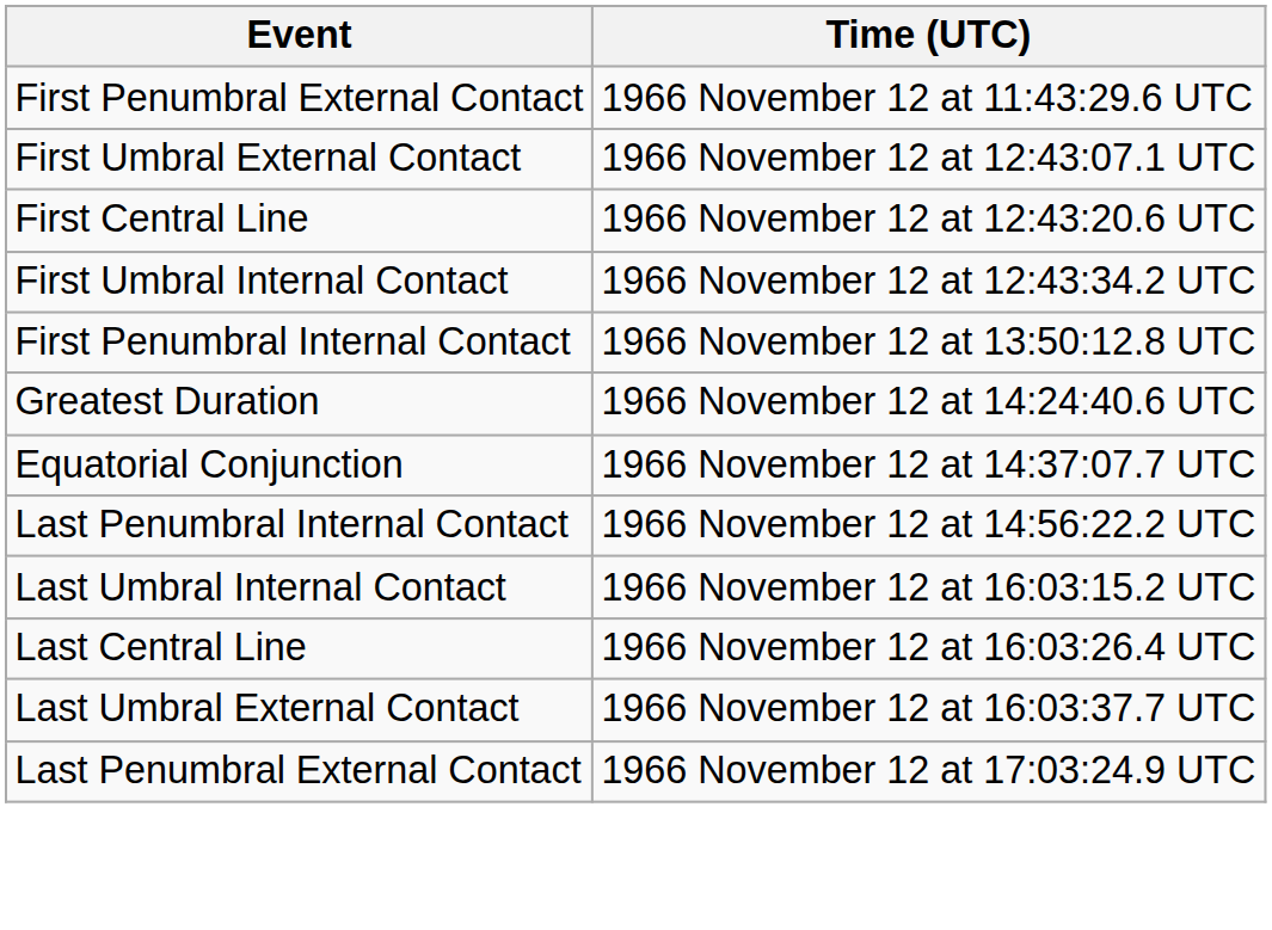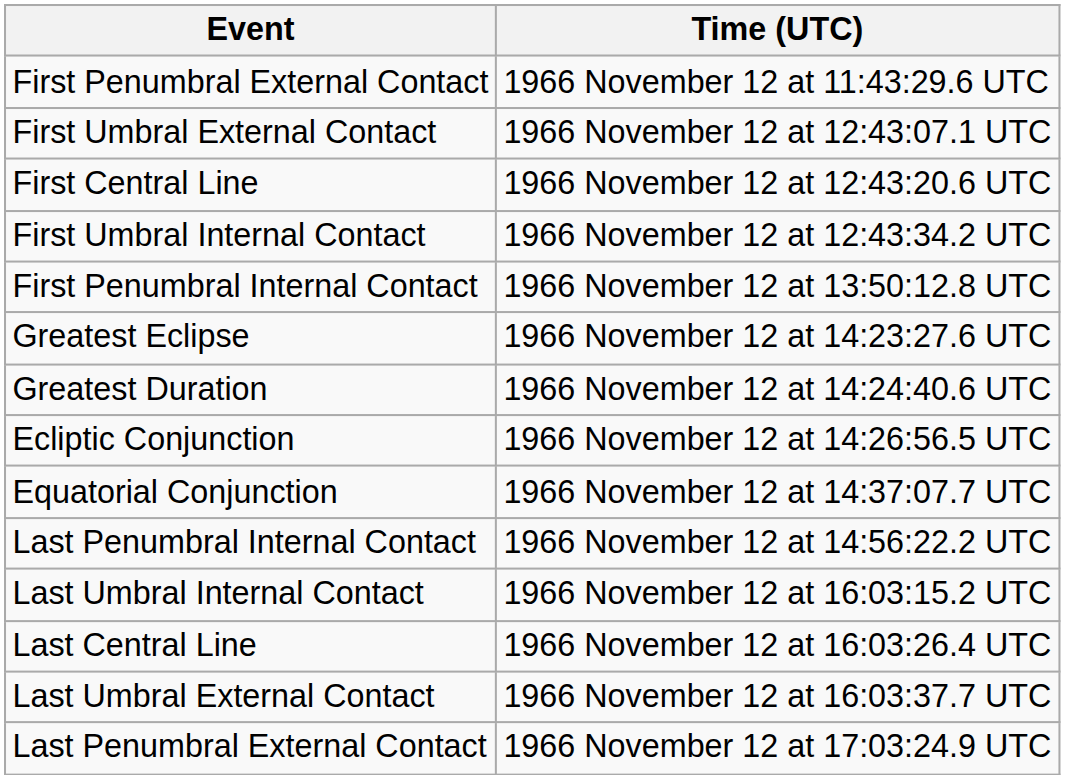 <table class="wikitable">
 <tr>
 <th>Event</th>
 <th>Time (UTC)</th>
 </tr>
 <tr>
 <td>First Penumbral External Contact</td>
 <td>1966 November 12 at 11:43:29.6 UTC</td>
 </tr>
 <tr>
 <td>First Umbral External Contact</td>
 <td>1966 November 12 at 12:43:07.1 UTC</td>
 </tr>
 <tr>
 <td>First Central Line</td>
 <td>1966 November 12 at 12:43:20.6 UTC</td>
 </tr>
 <tr>
 <td>First Umbral Internal Contact</td>
 <td>1966 November 12 at 12:43:34.2 UTC</td>
 </tr>
 <tr>
 <td>First Penumbral Internal Contact</td>
 <td>1966 November 12 at 13:50:12.8 UTC</td>
 </tr>
 <tr>
+<td>Greatest Eclipse</td>
+<td>1966 November 12 at 14:23:27.6 UTC</td>
+</tr>
+<tr>
 <td>Greatest Duration</td>
 <td>1966 November 12 at 14:24:40.6 UTC</td>
+</tr>
+<tr>
+<td>Ecliptic Conjunction</td>
+<td>1966 November 12 at 14:26:56.5 UTC</td>
 </tr>
 <tr>
 <td>Equatorial Conjunction</td>
 <td>1966 November 12 at 14:37:07.7 UTC</td>
 </tr>
 <tr>
 <td>Last Penumbral Internal Contact</td>
 <td>1966 November 12 at 14:56:22.2 UTC</td>
 </tr>
 <tr>
 <td>Last Umbral Internal Contact</td>
 <td>1966 November 12 at 16:03:15.2 UTC</td>
 </tr>
 <tr>
 <td>Last Central Line</td>
 <td>1966 November 12 at 16:03:26.4 UTC</td>
 </tr>
 <tr>
 <td>Last Umbral External Contact</td>
 <td>1966 November 12 at 16:03:37.7 UTC</td>
 </tr>
 <tr>
 <td>Last Penumbral External Contact</td>
 <td>1966 November 12 at 17:03:24.9 UTC</td>
 </tr>
 </table>
